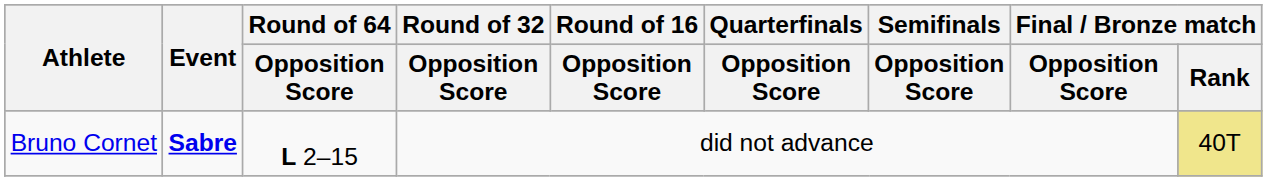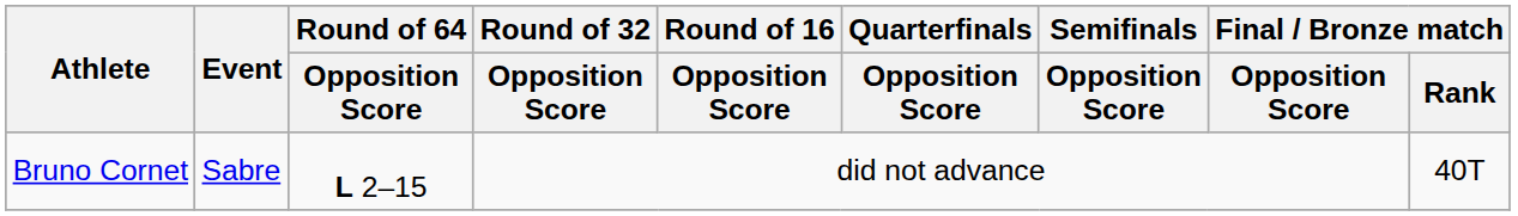 <table class=wikitable style="font-size:90%">
 <tr>
 <th rowspan="2">Athlete</th>
 <th rowspan="2">Event</th>
 <th>Round of 64</th>
 <th>Round of 32</th>
 <th>Round of 16</th>
 <th>Quarterfinals</th>
 <th>Semifinals</th>
 <th colspan="2">Final / Bronze match</th>
 </tr>
 <tr>
 <th>Opposition<br>Score</th>
 <th>Opposition<br>Score</th>
 <th>Opposition<br>Score</th>
 <th>Opposition<br>Score</th>
 <th>Opposition<br>Score</th>
 <th>Opposition<br>Score</th>
 <th>Rank</th>
 </tr>
 <tr>
 <td><a href='#'>Bruno Cornet</a></td>
-<td><strong><a href='#'>Sabre</a></strong></td>
+<td><a href='#'>Sabre</a></td>
 <td align=center> <br> <strong>L</strong>  2–15</td>
 <td align=center colspan=5>did not advance</td>
-<td align=center style="background: khaki;">40T</td>
+<td align=center>40T</td>
 </tr>
 </table>
